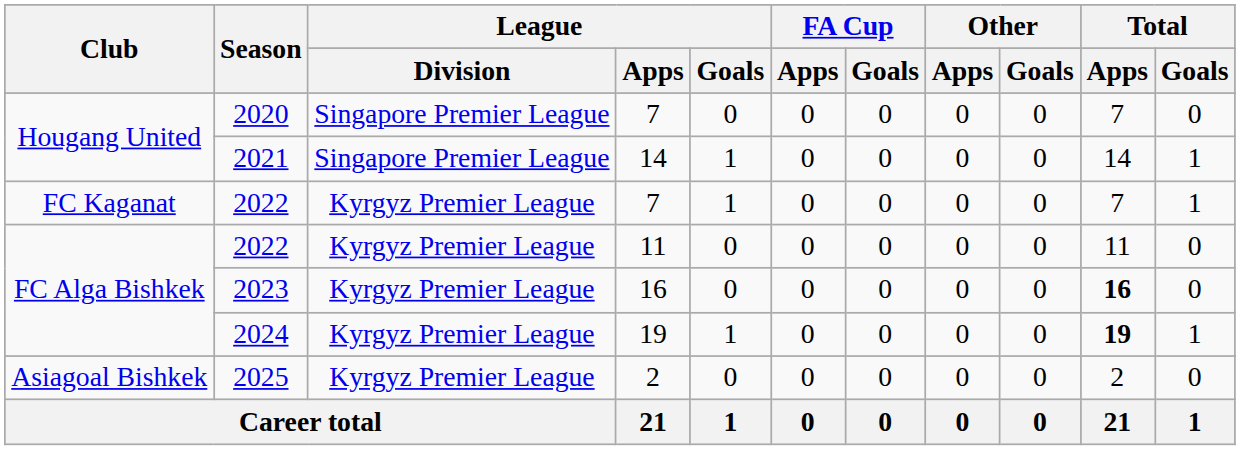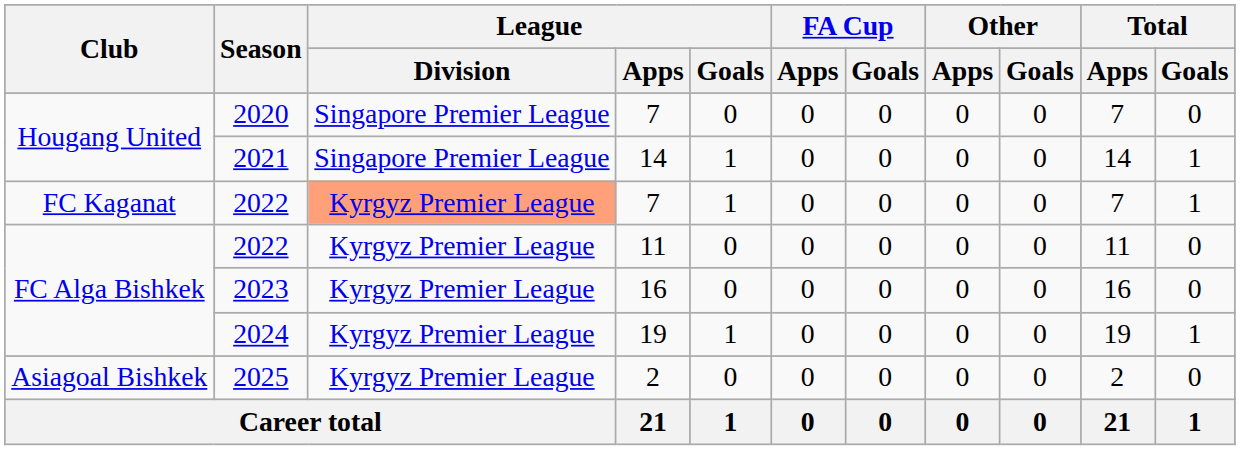 <table class="wikitable" style="text-align: center">
 <tr>
 <th rowspan="2">Club</th>
 <th rowspan="2">Season</th>
 <th colspan="3">League</th>
 <th colspan="2"><a href='#'>FA Cup</a></th>
 <th colspan="2">Other</th>
 <th colspan="2">Total</th>
 </tr>
 <tr>
 <th>Division</th>
 <th>Apps</th>
 <th>Goals</th>
 <th>Apps</th>
 <th>Goals</th>
 <th>Apps</th>
 <th>Goals</th>
 <th>Apps</th>
 <th>Goals</th>
 </tr>
 <tr>
 <td rowspan="2"><a href='#'>Hougang United</a></td>
 <td><a href='#'>2020</a></td>
 <td><a href='#'>Singapore Premier League</a></td>
 <td>7</td>
 <td>0</td>
 <td>0</td>
 <td>0</td>
 <td>0</td>
 <td>0</td>
 <td>7</td>
 <td>0</td>
 </tr>
 <tr>
 <td><a href='#'>2021</a></td>
 <td><a href='#'>Singapore Premier League</a></td>
 <td>14</td>
 <td>1</td>
 <td>0</td>
 <td>0</td>
 <td>0</td>
 <td>0</td>
 <td>14</td>
 <td>1</td>
 </tr>
 <tr>
 <td rowspan="1"><a href='#'>FC Kaganat</a></td>
 <td><a href='#'>2022</a></td>
-<td><a href='#'>Kyrgyz Premier League</a></td>
+<td style="background: lightsalmon;"><a href='#'>Kyrgyz Premier League</a></td>
 <td>7</td>
 <td>1</td>
 <td>0</td>
 <td>0</td>
 <td>0</td>
 <td>0</td>
 <td>7</td>
 <td>1</td>
 </tr>
 <tr>
 <td rowspan="3"><a href='#'>FC Alga Bishkek</a></td>
 <td><a href='#'>2022</a></td>
 <td><a href='#'>Kyrgyz Premier League</a></td>
 <td>11</td>
 <td>0</td>
 <td>0</td>
 <td>0</td>
 <td>0</td>
 <td>0</td>
 <td>11</td>
 <td>0</td>
 </tr>
 <tr>
 <td><a href='#'>2023</a></td>
 <td><a href='#'>Kyrgyz Premier League</a></td>
 <td>16</td>
 <td>0</td>
 <td>0</td>
 <td>0</td>
 <td>0</td>
 <td>0</td>
-<td><strong>16</strong></td>
+<td>16</td>
 <td>0</td>
 </tr>
 <tr>
 <td><a href='#'>2024</a></td>
 <td><a href='#'>Kyrgyz Premier League</a></td>
 <td>19</td>
 <td>1</td>
 <td>0</td>
 <td>0</td>
 <td>0</td>
 <td>0</td>
-<td><strong>19</strong></td>
+<td>19</td>
 <td>1</td>
 </tr>
 <tr>
 <td rowspan="1"><a href='#'>Asiagoal Bishkek</a></td>
 <td><a href='#'>2025</a></td>
 <td><a href='#'>Kyrgyz Premier League</a></td>
 <td>2</td>
 <td>0</td>
 <td>0</td>
 <td>0</td>
 <td>0</td>
 <td>0</td>
 <td>2</td>
 <td>0</td>
 </tr>
 <tr>
 <th colspan=3>Career total</th>
 <th>21</th>
 <th>1</th>
 <th>0</th>
 <th>0</th>
 <th>0</th>
 <th>0</th>
 <th>21</th>
 <th>1</th>
 </tr>
 </table>
